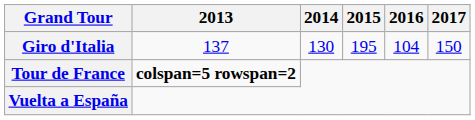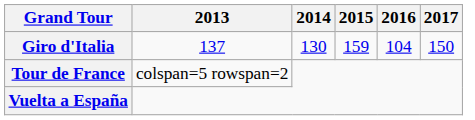 <table class="wikitable plainrowheaders">
 <tr>
 <th scope="col"><a href='#'>Grand Tour</a></th>
 <th scope="col">2013</th>
 <th scope="col">2014</th>
 <th scope="col">2015</th>
 <th scope="col">2016</th>
 <th scope="col">2017</th>
 </tr>
 <tr style="text-align:center;">
 <th scope="row"> <a href='#'>Giro d'Italia</a></th>
 <td><a href='#'>137</a></td>
 <td><a href='#'>130</a></td>
-<td><a href='#'>195</a></td>
+<td><a href='#'>159</a></td>
 <td><a href='#'>104</a></td>
 <td><a href='#'>150</a></td>
 </tr>
 <tr style="text-align:center;">
 <th scope="row"> <a href='#'>Tour de France</a></th>
-<td><strong>colspan=5 rowspan=2 </strong></td>
+<td>colspan=5 rowspan=2 </td>
 </tr>
 <tr style="text-align:center;">
 <th scope="row"> <a href='#'>Vuelta a España</a></th>
 </tr>
 </table>
